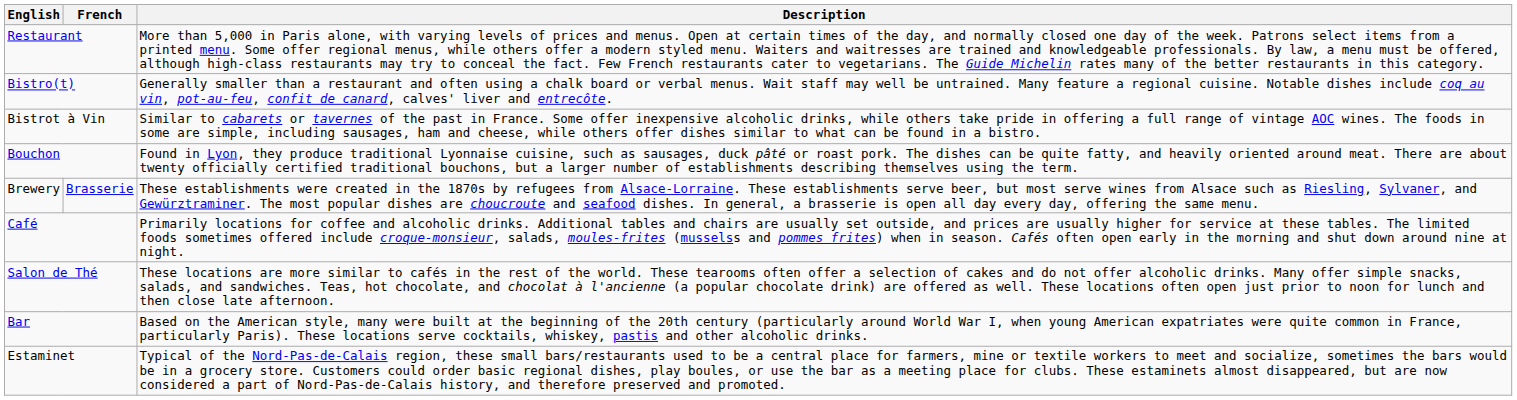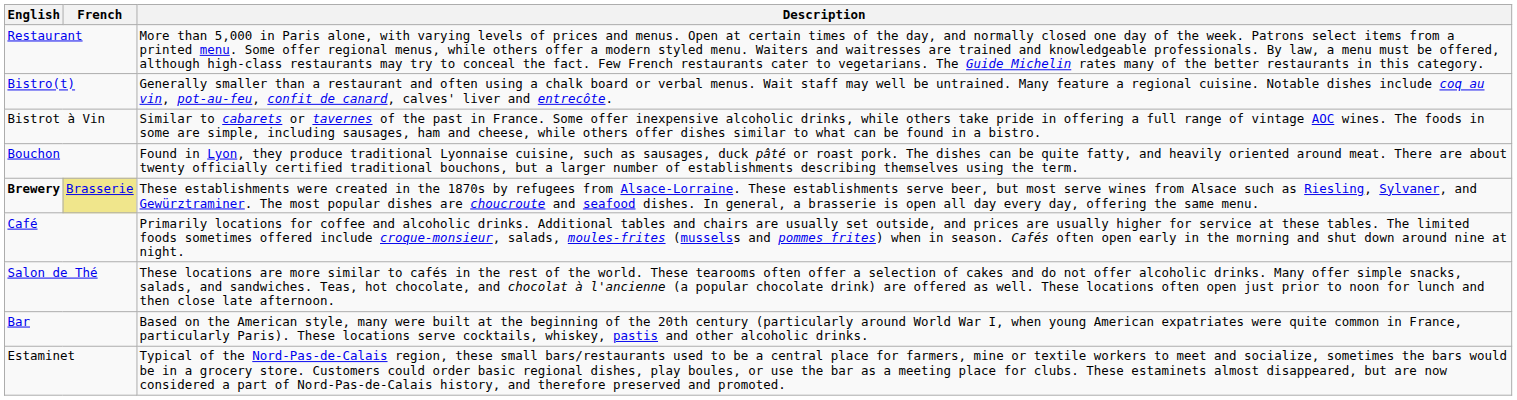 <table class="wikitable">
 <tr>
 <th>English</th>
 <th>French</th>
 <th>Description</th>
 </tr>
 <tr valign="top">
 <td colspan=2><a href='#'>Restaurant</a></td>
 <td>More than 5,000 in Paris alone, with varying levels of prices and menus. Open at certain times of the day, and normally closed one day of the week. Patrons select items from a printed <a href='#'>menu</a>. Some offer regional menus, while others offer a modern styled menu. Waiters and waitresses are trained and knowledgeable professionals. By law, a  menu must be offered, although high-class restaurants may try to conceal the fact. Few French restaurants cater to vegetarians. The <em><a href='#'>Guide Michelin</a></em> rates many of the better restaurants in this category.</td>
 </tr>
 <tr valign="top">
 <td colspan=2><a href='#'>Bistro(t)</a></td>
 <td>Generally smaller than a restaurant and often using a chalk board or verbal menus. Wait staff may well be untrained. Many feature a regional cuisine. Notable dishes include <em><a href='#'>coq au vin</a></em>, <em><a href='#'>pot-au-feu</a></em>, <em><a href='#'>confit de canard</a></em>, calves' liver and <em><a href='#'>entrecôte</a></em>.</td>
 </tr>
 <tr valign="top">
 <td colspan=2>Bistrot à Vin</td>
 <td>Similar to <em><a href='#'>cabarets</a></em> or <em><a href='#'>tavernes</a></em> of the past in France. Some offer inexpensive alcoholic drinks, while others take pride in offering a full range of vintage <a href='#'>AOC</a> wines. The foods in some are simple, including sausages, ham and cheese, while others offer dishes similar to what can be found in a bistro.</td>
 </tr>
 <tr valign="top">
 <td colspan=2><a href='#'>Bouchon</a></td>
 <td>Found in <a href='#'>Lyon</a>, they produce traditional Lyonnaise cuisine, such as sausages, duck <em>pâté</em> or roast pork. The dishes can be quite fatty, and heavily oriented around meat. There are about twenty officially certified traditional bouchons, but a larger number of establishments describing themselves using the term.</td>
 </tr>
 <tr valign="top">
-<td>Brewery</td>
-<td><a href='#'>Brasserie</a></td>
+<td><strong>Brewery</strong></td>
+<td style="background: khaki;"><a href='#'>Brasserie</a></td>
 <td>These establishments were created in the 1870s by refugees from <a href='#'>Alsace-Lorraine</a>. These establishments serve beer, but most serve wines from Alsace such as <a href='#'>Riesling</a>, <a href='#'>Sylvaner</a>, and <a href='#'>Gewürztraminer</a>. The most popular dishes are <em><a href='#'>choucroute</a></em> and <a href='#'>seafood</a> dishes. In general, a brasserie is open all day every day, offering the same menu.</td>
 </tr>
 <tr valign="top">
 <td colspan=2><a href='#'>Café</a></td>
 <td>Primarily locations for coffee and alcoholic drinks. Additional tables and chairs are usually set outside, and prices are usually higher for service at these tables. The limited foods sometimes offered include <em><a href='#'>croque-monsieur</a></em>, salads, <em><a href='#'>moules-frites</a></em> (<a href='#'>mussels</a>s and <em><a href='#'>pommes frites</a></em>) when in season.  <em>Cafés</em> often open early in the morning and shut down around nine at night.</td>
 </tr>
 <tr valign="top">
 <td colspan=2><a href='#'>Salon de Thé</a></td>
 <td>These locations are more similar to cafés in the rest of the world. These tearooms often offer a selection of cakes and do not offer alcoholic drinks. Many offer simple snacks, salads, and sandwiches. Teas, hot chocolate, and <em>chocolat à l'ancienne</em> (a popular chocolate drink) are offered as well. These locations often open just prior to noon for lunch and then close late afternoon.</td>
 </tr>
 <tr valign="top">
 <td colspan=2><a href='#'>Bar</a></td>
 <td>Based on the American style, many were built at the beginning of the 20th century (particularly around World War I, when young American expatriates were quite common in France, particularly Paris). These locations serve cocktails, whiskey, <a href='#'>pastis</a> and other alcoholic drinks.</td>
 </tr>
 <tr valign="top">
 <td colspan=2>Estaminet</td>
 <td>Typical of the <a href='#'>Nord-Pas-de-Calais</a> region, these small bars/restaurants used to be a central place for farmers, mine or textile workers to meet and socialize, sometimes the bars would be in a grocery store. Customers could order basic regional dishes, play boules, or use the bar as a meeting place for clubs. These estaminets almost disappeared, but are now considered a part of Nord-Pas-de-Calais history, and therefore preserved and promoted.</td>
 </tr>
 </table>
